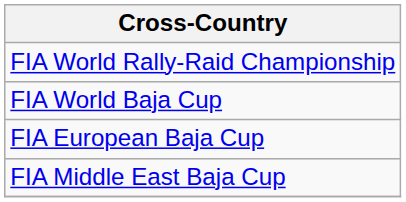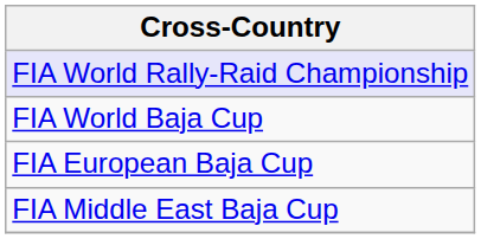 <table class="wikitable">
 <tr>
 <th>Cross-Country</th>
 </tr>
 <tr>
-<td><a href='#'>FIA World Rally-Raid Championship</a></td>
+<td style="background: lavender;"><a href='#'>FIA World Rally-Raid Championship</a></td>
 </tr>
 <tr>
 <td><a href='#'>FIA World Baja Cup</a></td>
 </tr>
 <tr>
 <td><a href='#'>FIA European Baja Cup</a></td>
 </tr>
 <tr>
 <td><a href='#'>FIA Middle East Baja Cup</a></td>
 </tr>
 <tr>
 </tr>
 </table>
